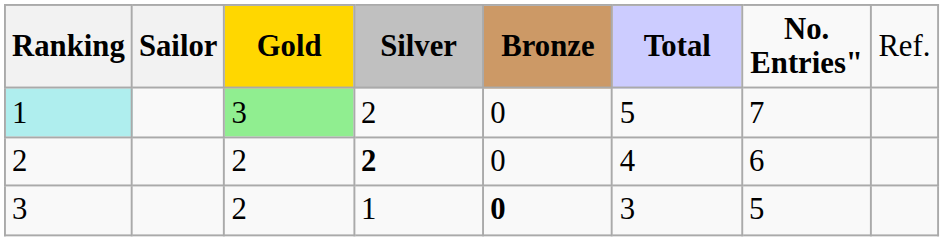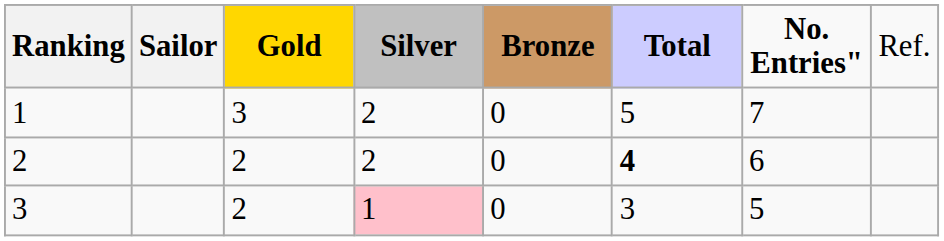 <table class="wikitable sortable">
 <tr>
 <th align=center><strong>Ranking</strong></th>
 <th align=center><strong>Sailor</strong></th>
 <td style="background:gold; width:60px; text-align:center;"><strong>Gold</strong></td>
 <td style="background:silver; width:60px; text-align:center;"><strong>Silver</strong></td>
 <td style="background:#c96; width:60px; text-align:center;"><strong>Bronze</strong></td>
 <td style="background:#ccf; width:60px; text-align:center;"><strong>Total</strong></td>
 <td style="width:60px; text-align:center;"><strong>No. Entries"</strong></td>
 <td>Ref.</td>
 </tr>
 <tr>
-<td style="background: paleturquoise;">1</td>
+<td>1</td>
 <td></td>
-<td style="background: lightgreen;">3</td>
+<td>3</td>
 <td>2</td>
 <td>0</td>
 <td>5</td>
 <td>7</td>
 <td></td>
 </tr>
 <tr>
 <td>2</td>
 <td></td>
 <td>2</td>
-<td><strong>2</strong></td>
+<td>2</td>
 <td>0</td>
-<td>4</td>
+<td><strong>4</strong></td>
 <td>6</td>
 <td></td>
 </tr>
 <tr>
 <td>3</td>
 <td></td>
 <td>2</td>
-<td>1</td>
-<td><strong>0</strong></td>
+<td style="background: pink;">1</td>
+<td>0</td>
 <td>3</td>
 <td>5</td>
 <td></td>
 </tr>
 </table>
